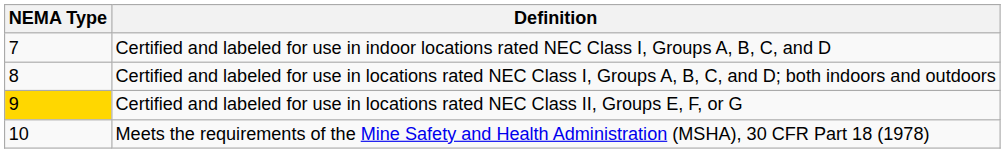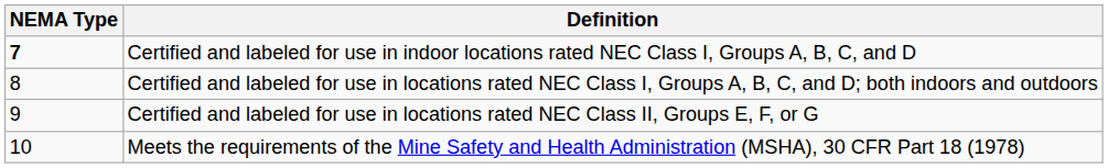 <table class="wikitable">
 <tr>
 <th>NEMA Type</th>
 <th>Definition</th>
 </tr>
 <tr>
-<td>7</td>
+<td><strong>7</strong></td>
 <td>Certified and labeled for use in indoor locations rated NEC Class I, Groups A, B, C, and D</td>
 </tr>
 <tr>
 <td>8</td>
 <td>Certified and labeled for use in locations rated NEC Class I, Groups A, B, C, and D; both indoors and outdoors</td>
 </tr>
 <tr>
-<td style="background: gold;">9</td>
+<td>9</td>
 <td>Certified and labeled for use in locations rated NEC Class II, Groups E, F, or G</td>
 </tr>
 <tr>
 <td>10</td>
 <td>Meets the requirements of the <a href='#'>Mine Safety and Health Administration</a> (MSHA), 30 CFR Part 18 (1978)</td>
 </tr>
 </table>
